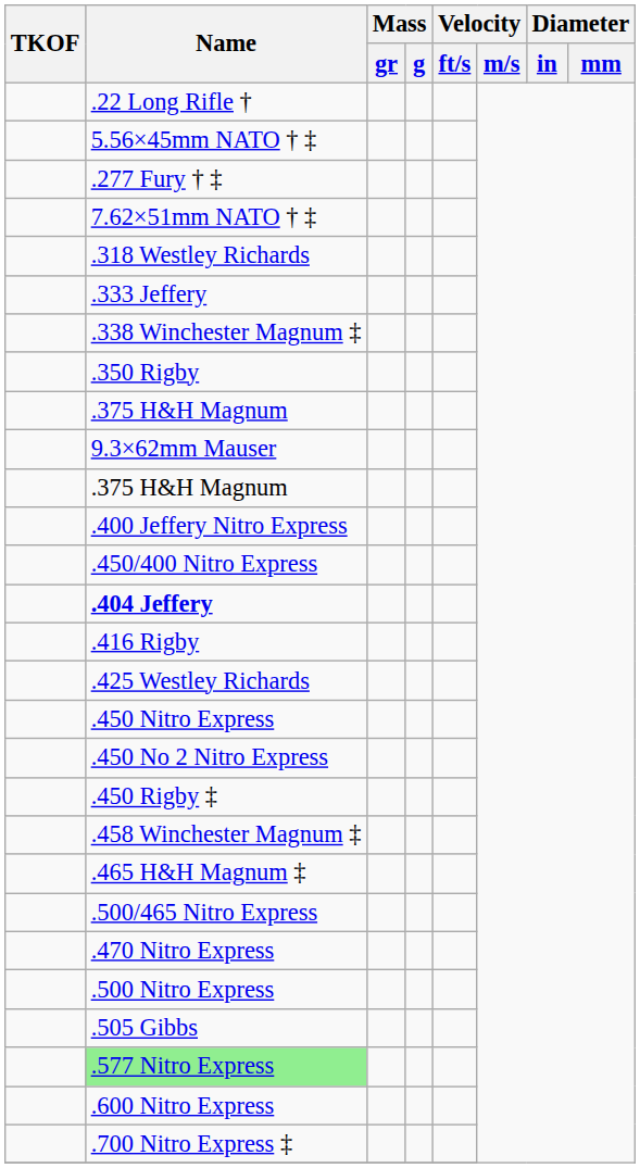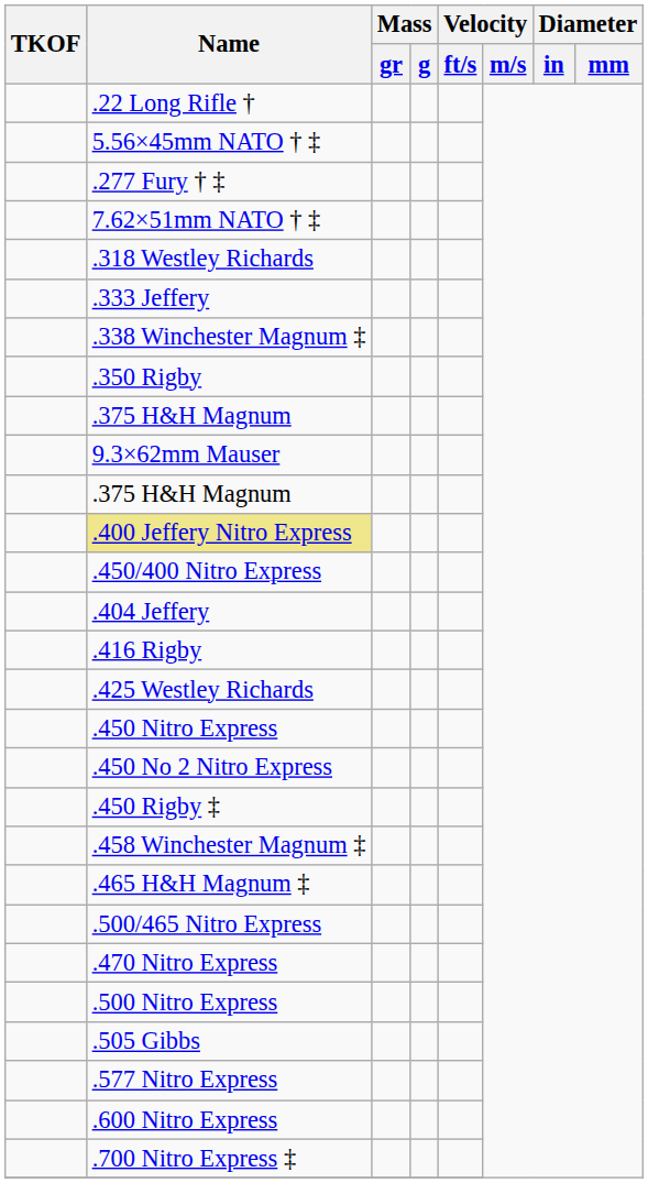 <table class="wikitable sortable">
 <tr>
 <th rowspan=2>TKOF</th>
 <th rowspan=2>Name</th>
 <th colspan=2>Mass</th>
 <th colspan=2>Velocity</th>
 <th colspan=2>Diameter</th>
 </tr>
 <tr>
 <th><a href='#'>gr</a></th>
 <th><a href='#'>g</a></th>
 <th><a href='#'>ft/s</a></th>
 <th><a href='#'>m/s</a></th>
 <th><a href='#'>in</a></th>
 <th><a href='#'>mm</a></th>
 </tr>
 <tr>
 <td></td>
 <td><a href='#'>.22 Long Rifle</a> †</td>
 <td></td>
 <td></td>
 <td></td>
 </tr>
 <tr>
 <td></td>
 <td><a href='#'>5.56×45mm NATO</a> † ‡</td>
 <td></td>
 <td></td>
 <td></td>
 </tr>
 <tr>
 <td></td>
 <td><a href='#'>.277 Fury</a> † ‡</td>
 <td></td>
 <td></td>
 <td></td>
 </tr>
 <tr>
 <td></td>
 <td><a href='#'>7.62×51mm NATO</a> † ‡</td>
 <td></td>
 <td></td>
 <td></td>
 </tr>
 <tr>
 <td></td>
 <td><a href='#'>.318 Westley Richards</a></td>
 <td></td>
 <td></td>
 <td></td>
 </tr>
 <tr>
 <td></td>
 <td><a href='#'>.333 Jeffery</a></td>
 <td></td>
 <td></td>
 <td></td>
 </tr>
 <tr>
 <td></td>
 <td><a href='#'>.338 Winchester Magnum</a> ‡</td>
 <td></td>
 <td></td>
 <td></td>
 </tr>
 <tr>
 <td></td>
 <td><a href='#'>.350 Rigby</a></td>
 <td></td>
 <td></td>
 <td></td>
 </tr>
 <tr>
 <td></td>
 <td><a href='#'>.375 H&H Magnum</a></td>
 <td></td>
 <td></td>
 <td></td>
 </tr>
 <tr>
 <td></td>
 <td><a href='#'>9.3×62mm Mauser</a></td>
 <td></td>
 <td></td>
 <td></td>
 </tr>
 <tr>
 <td></td>
 <td>.375 H&H Magnum</td>
 <td></td>
 <td></td>
 <td></td>
 </tr>
 <tr>
 <td></td>
-<td><a href='#'>.400 Jeffery Nitro Express</a></td>
+<td style="background: khaki;"><a href='#'>.400 Jeffery Nitro Express</a></td>
 <td></td>
 <td></td>
 <td></td>
 </tr>
 <tr>
 <td></td>
 <td><a href='#'>.450/400 Nitro Express</a></td>
 <td></td>
 <td></td>
 <td></td>
 </tr>
 <tr>
 <td></td>
-<td><strong><a href='#'>.404 Jeffery</a></strong></td>
+<td><a href='#'>.404 Jeffery</a></td>
 <td></td>
 <td></td>
 <td></td>
 </tr>
 <tr>
 <td></td>
 <td><a href='#'>.416 Rigby</a></td>
 <td></td>
 <td></td>
 <td></td>
 </tr>
 <tr>
 <td></td>
 <td><a href='#'>.425 Westley Richards</a></td>
 <td></td>
 <td></td>
 <td></td>
 </tr>
 <tr>
 <td></td>
 <td><a href='#'>.450 Nitro Express</a></td>
 <td></td>
 <td></td>
 <td></td>
 </tr>
 <tr>
 <td></td>
 <td><a href='#'>.450 No 2 Nitro Express</a></td>
 <td></td>
 <td></td>
 <td></td>
 </tr>
 <tr>
 <td></td>
 <td><a href='#'>.450 Rigby</a> ‡</td>
 <td></td>
 <td></td>
 <td></td>
 </tr>
 <tr>
 <td></td>
 <td><a href='#'>.458 Winchester Magnum</a> ‡</td>
 <td></td>
 <td></td>
 <td></td>
 </tr>
 <tr>
 <td></td>
 <td><a href='#'>.465 H&H Magnum</a> ‡</td>
 <td></td>
 <td></td>
 <td></td>
 </tr>
 <tr>
 <td></td>
 <td><a href='#'>.500/465 Nitro Express</a></td>
 <td></td>
 <td></td>
 <td></td>
 </tr>
 <tr>
 <td></td>
 <td><a href='#'>.470 Nitro Express</a></td>
 <td></td>
 <td></td>
 <td></td>
 </tr>
 <tr>
 <td></td>
 <td><a href='#'>.500 Nitro Express</a></td>
 <td></td>
 <td></td>
 <td></td>
 </tr>
 <tr>
 <td></td>
 <td><a href='#'>.505 Gibbs</a></td>
 <td></td>
 <td></td>
 <td></td>
 </tr>
 <tr>
 <td></td>
-<td style="background: lightgreen;"><a href='#'>.577 Nitro Express</a></td>
+<td><a href='#'>.577 Nitro Express</a></td>
 <td></td>
 <td></td>
 <td></td>
 </tr>
 <tr>
 <td></td>
 <td><a href='#'>.600 Nitro Express</a></td>
 <td></td>
 <td></td>
 <td></td>
 </tr>
 <tr>
 <td></td>
 <td><a href='#'>.700 Nitro Express</a> ‡</td>
 <td></td>
 <td></td>
 <td></td>
 </tr>
 <tr>
 </tr>
 </table>
